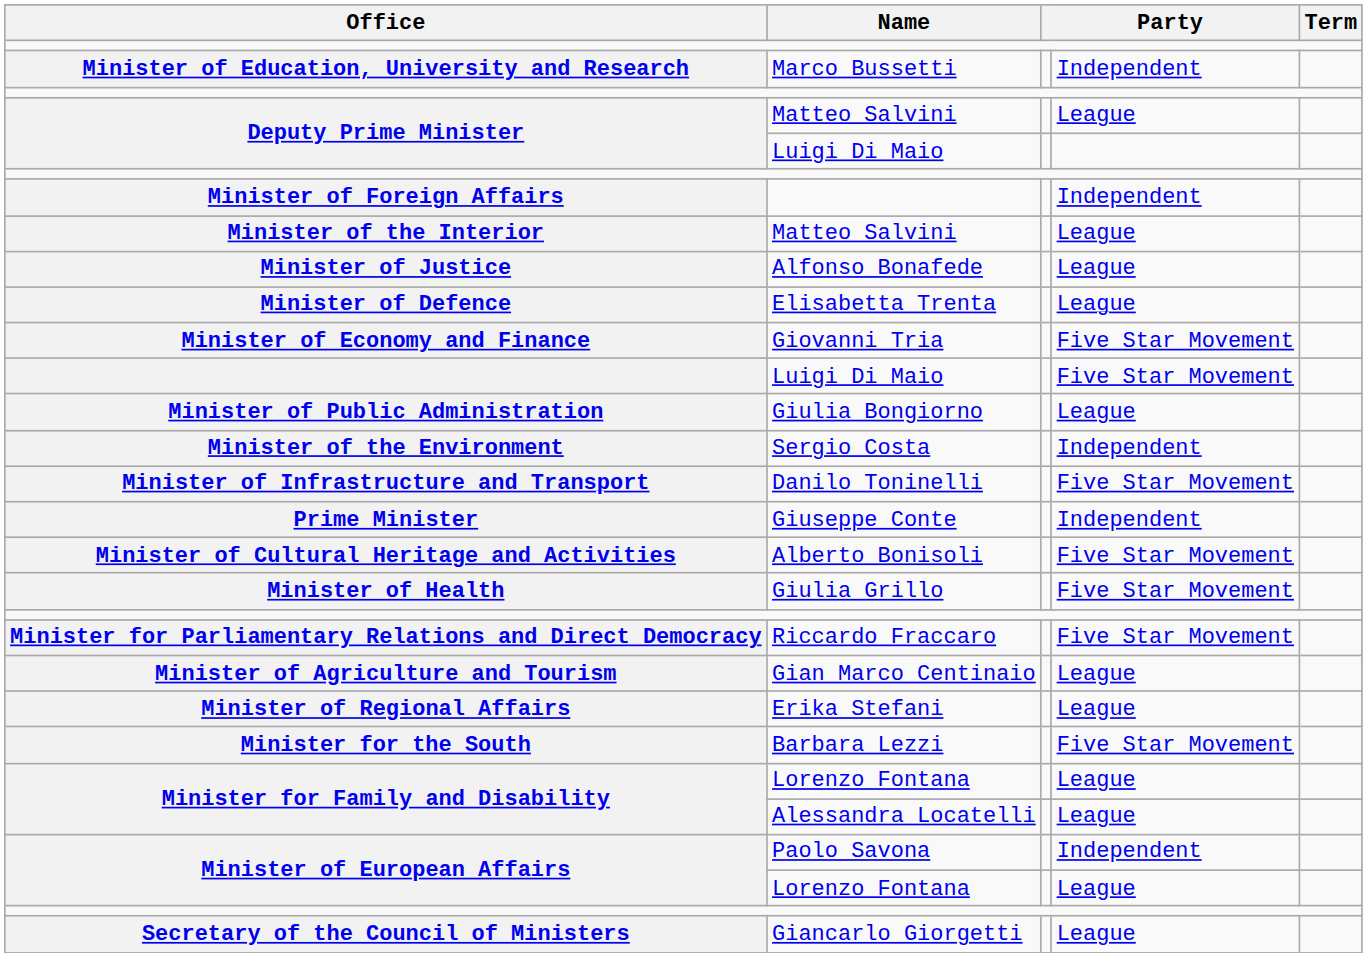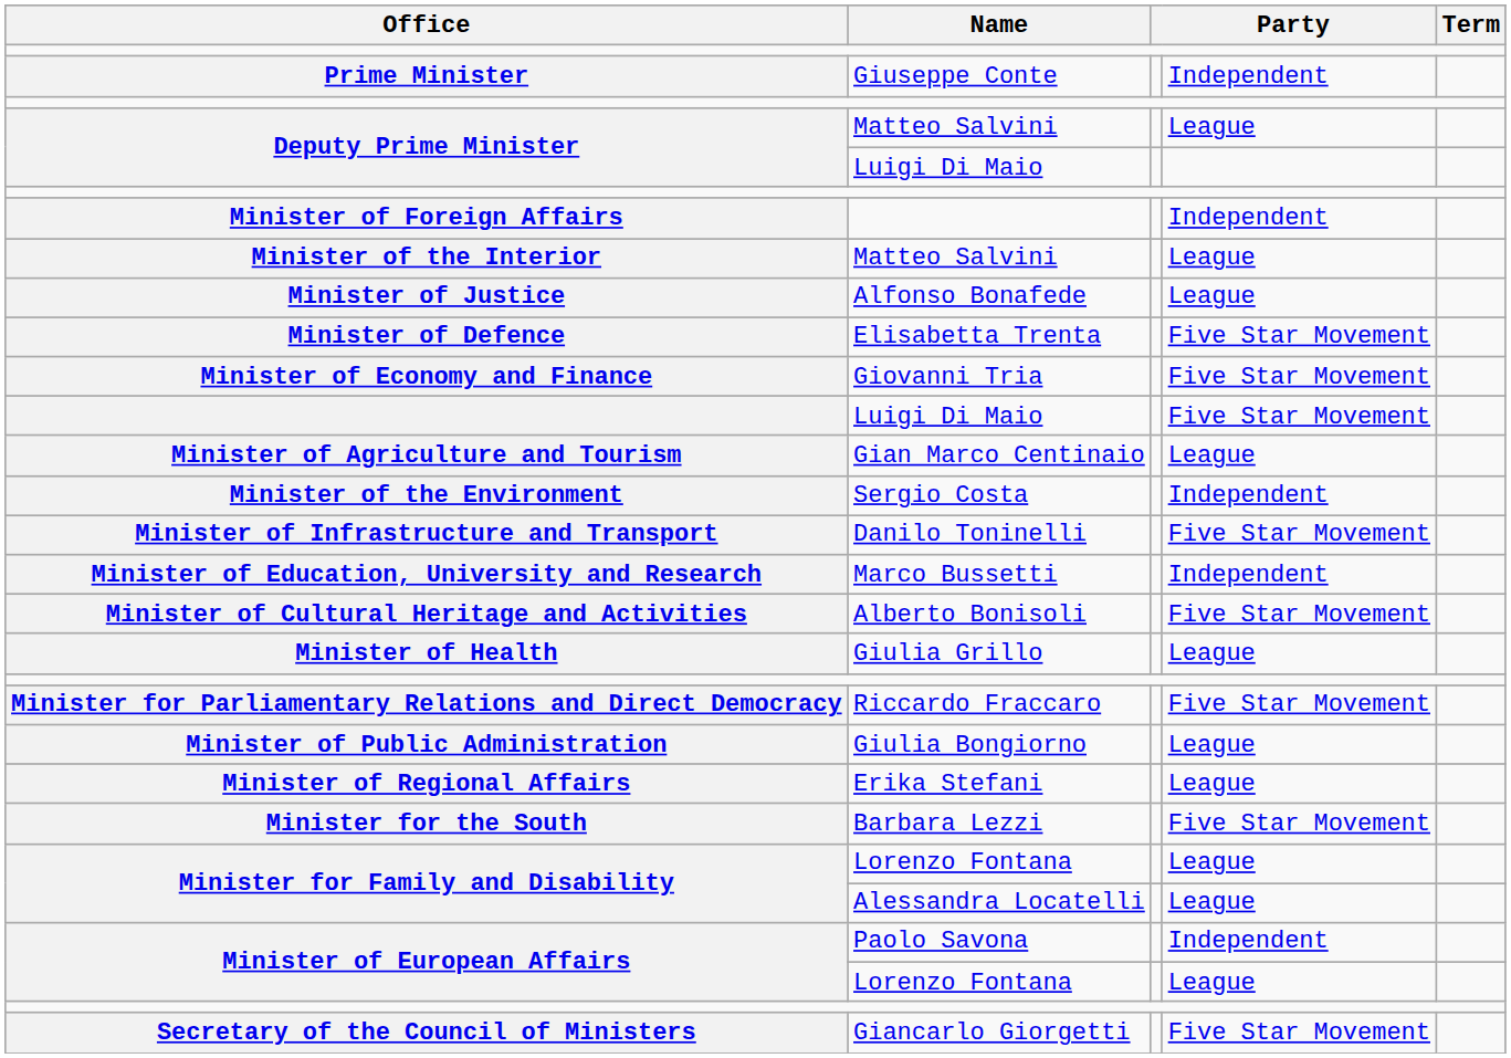 <table class="wikitable" style="font-size: 100%;">
 <tr>
 <th>Office</th>
 <th>Name</th>
 <th colspan=2>Party</th>
 <th>Term</th>
 </tr>
 <tr>
 <td colspan="5"></td>
 </tr>
 <tr>
-<th><a href='#'>Minister of Education, University and Research</a></th>
-<td><a href='#'>Marco Bussetti</a></td>
+<th><a href='#'>Prime Minister</a></th>
+<td><a href='#'>Giuseppe Conte</a></td>
 <td style="color:inherit;background:"></td>
 <td><a href='#'>Independent</a></td>
 <td></td>
 </tr>
 <tr>
 <td colspan="5"></td>
 </tr>
 <tr>
 <th rowspan=2><a href='#'>Deputy Prime Minister</a></th>
 <td><a href='#'>Matteo Salvini</a></td>
 <td style="color:inherit;background:"></td>
 <td><a href='#'>League</a></td>
 <td></td>
 </tr>
 <tr>
 <td><a href='#'>Luigi Di Maio</a></td>
 <td style="color:inherit;background:"></td>
 <td></td>
 <td></td>
 </tr>
 <tr>
 <td colspan="5"></td>
 </tr>
 <tr>
 <th><a href='#'>Minister of Foreign Affairs</a></th>
 <td></td>
 <td style="color:inherit;background:"></td>
 <td><a href='#'>Independent</a></td>
 <td></td>
 </tr>
 <tr>
 <th><a href='#'>Minister of the Interior</a></th>
 <td><a href='#'>Matteo Salvini</a></td>
 <td style="color:inherit;background:"></td>
 <td><a href='#'>League</a></td>
 <td></td>
 </tr>
 <tr>
 <th><a href='#'>Minister of Justice</a></th>
 <td><a href='#'>Alfonso Bonafede</a></td>
 <td style="color:inherit;background:"></td>
 <td><a href='#'>League</a></td>
 <td></td>
 </tr>
 <tr>
 <th><a href='#'>Minister of Defence</a></th>
 <td><a href='#'>Elisabetta Trenta</a></td>
 <td style="color:inherit;background:"></td>
-<td><a href='#'>League</a></td>
+<td><a href='#'>Five Star Movement</a></td>
 <td></td>
 </tr>
 <tr>
 <th><a href='#'>Minister of Economy and Finance</a></th>
 <td><a href='#'>Giovanni Tria</a></td>
 <td style="color:inherit;background:"></td>
 <td><a href='#'>Five Star Movement</a></td>
 <td></td>
 </tr>
 <tr>
 <th></th>
 <td><a href='#'>Luigi Di Maio</a></td>
 <td style="color:inherit;background:"></td>
 <td><a href='#'>Five Star Movement</a></td>
 <td></td>
 </tr>
 <tr>
-<th><a href='#'>Minister of Public Administration</a></th>
-<td><a href='#'>Giulia Bongiorno</a></td>
+<th><a href='#'>Minister of Agriculture and Tourism</a></th>
+<td><a href='#'>Gian Marco Centinaio</a></td>
 <td style="color:inherit;background:"></td>
 <td><a href='#'>League</a></td>
 <td></td>
 </tr>
 <tr>
 <th><a href='#'>Minister of the Environment</a></th>
 <td><a href='#'>Sergio Costa</a></td>
 <td style="color:inherit;background:"></td>
 <td><a href='#'>Independent</a></td>
 <td></td>
 </tr>
 <tr>
 <th><a href='#'>Minister of Infrastructure and Transport</a></th>
 <td><a href='#'>Danilo Toninelli</a></td>
 <td style="color:inherit;background:"></td>
 <td><a href='#'>Five Star Movement</a></td>
 <td></td>
 </tr>
 <tr>
-<th><a href='#'>Prime Minister</a></th>
-<td><a href='#'>Giuseppe Conte</a></td>
+<th><a href='#'>Minister of Education, University and Research</a></th>
+<td><a href='#'>Marco Bussetti</a></td>
 <td style="color:inherit;background:"></td>
 <td><a href='#'>Independent</a></td>
 <td></td>
 </tr>
 <tr>
 <th><a href='#'>Minister of Cultural Heritage and Activities</a></th>
 <td><a href='#'>Alberto Bonisoli</a></td>
 <td style="color:inherit;background:"></td>
 <td><a href='#'>Five Star Movement</a></td>
 <td></td>
 </tr>
 <tr>
 <th><a href='#'>Minister of Health</a></th>
 <td><a href='#'>Giulia Grillo</a></td>
 <td style="color:inherit;background:"></td>
-<td><a href='#'>Five Star Movement</a></td>
+<td><a href='#'>League</a></td>
 <td></td>
 </tr>
 <tr>
 <td colspan="5"></td>
 </tr>
 <tr>
 <th><a href='#'>Minister for Parliamentary Relations and Direct Democracy</a></th>
 <td><a href='#'>Riccardo Fraccaro</a></td>
 <td style="color:inherit;background:"></td>
 <td><a href='#'>Five Star Movement</a></td>
 <td></td>
 </tr>
 <tr>
-<th><a href='#'>Minister of Agriculture and Tourism</a></th>
-<td><a href='#'>Gian Marco Centinaio</a></td>
+<th><a href='#'>Minister of Public Administration</a></th>
+<td><a href='#'>Giulia Bongiorno</a></td>
 <td style="color:inherit;background:"></td>
 <td><a href='#'>League</a></td>
 <td></td>
 </tr>
 <tr>
 <th><a href='#'>Minister of Regional Affairs</a></th>
 <td><a href='#'>Erika Stefani</a></td>
 <td style="color:inherit;background:"></td>
 <td><a href='#'>League</a></td>
 <td></td>
 </tr>
 <tr>
 <th><a href='#'>Minister for the South</a></th>
 <td><a href='#'>Barbara Lezzi</a></td>
 <td style="color:inherit;background:"></td>
 <td><a href='#'>Five Star Movement</a></td>
 <td></td>
 </tr>
 <tr>
 <th rowspan="2"><a href='#'>Minister for Family and Disability</a></th>
 <td><a href='#'>Lorenzo Fontana</a></td>
 <td style="color:inherit;background:"></td>
 <td><a href='#'>League</a></td>
 <td></td>
 </tr>
 <tr>
 <td><a href='#'>Alessandra Locatelli</a></td>
 <td style="color:inherit;background:"></td>
 <td><a href='#'>League</a></td>
 <td></td>
 </tr>
 <tr>
 <th rowspan="2"><a href='#'>Minister of European Affairs</a></th>
 <td><a href='#'>Paolo Savona</a></td>
 <td style="color:inherit;background:"></td>
 <td><a href='#'>Independent</a></td>
 <td></td>
 </tr>
 <tr>
 <td><a href='#'>Lorenzo Fontana</a></td>
 <td style="color:inherit;background:"></td>
 <td><a href='#'>League</a></td>
 <td></td>
 </tr>
 <tr>
 <td colspan="5"></td>
 </tr>
 <tr>
 <th><a href='#'>Secretary of the Council of Ministers</a></th>
 <td><a href='#'>Giancarlo Giorgetti</a></td>
 <td style="color:inherit;background:"></td>
-<td><a href='#'>League</a></td>
+<td><a href='#'>Five Star Movement</a></td>
 <td></td>
 </tr>
 </table>
